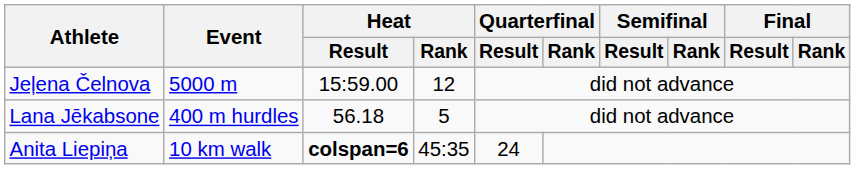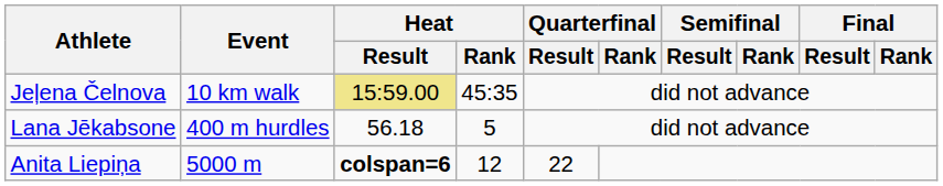 <table class="wikitable" style="font-size:90%">
 <tr>
 <th rowspan="2">Athlete</th>
 <th rowspan="2">Event</th>
 <th colspan="2">Heat</th>
 <th colspan="2">Quarterfinal</th>
 <th colspan="2">Semifinal</th>
 <th colspan="2">Final</th>
 </tr>
 <tr style="font-size:95%">
 <th>Result</th>
 <th>Rank</th>
 <th>Result</th>
 <th>Rank</th>
 <th>Result</th>
 <th>Rank</th>
 <th>Result</th>
 <th>Rank</th>
 </tr>
 <tr align=center>
 <td align=left><a href='#'>Jeļena Čelnova</a></td>
-<td align=left><a href='#'>5000 m</a></td>
-<td>15:59.00</td>
-<td>12</td>
+<td align=left><a href='#'>10 km walk</a></td>
+<td style="background: khaki;">15:59.00</td>
+<td>45:35</td>
 <td colspan=6>did not advance</td>
 </tr>
 <tr align=center>
 <td align=left><a href='#'>Lana Jēkabsone</a></td>
 <td align=left><a href='#'>400 m hurdles</a></td>
 <td>56.18</td>
 <td>5</td>
 <td colspan=6>did not advance</td>
 </tr>
 <tr align=center>
 <td align=left><a href='#'>Anita Liepiņa</a></td>
-<td align=left><a href='#'>10 km walk</a></td>
+<td align=left><a href='#'>5000 m</a></td>
 <td><strong>colspan=6 </strong></td>
-<td>45:35</td>
-<td>24</td>
+<td>12</td>
+<td>22</td>
 </tr>
 </table>
